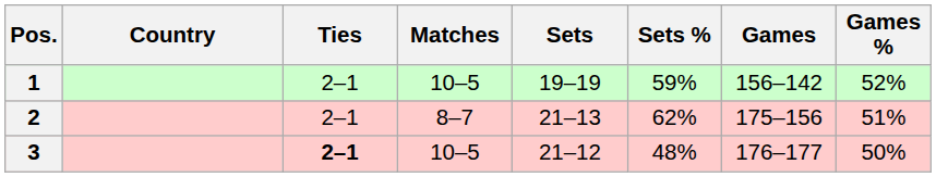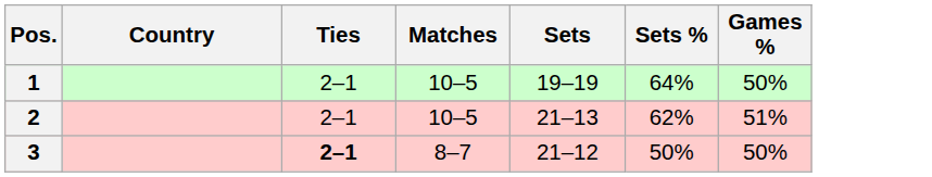 <table class="wikitable nowrap" style=text–align:center>
 <tr>
 <th>Pos.</th>
 <th width=150>Country</th>
 <th width=75>Ties</th>
 <th width=75>Matches</th>
 <th width=75>Sets</th>
 <th width=60>Sets %</th>
-<th width=75>Games</th>
 <th width=60>Games %</th>
 </tr>
 <tr style="background: #CCFFCC;">
 <th>1</th>
 <td style="text-align:left"><strong></strong></td>
 <td style="text-align:center">2–1</td>
 <td style="text-align:center">10–5</td>
 <td style="text-align:center">19–19</td>
-<td style="text-align:center">59%</td>
-<td style="text-align:center">156–142</td>
-<td style="text-align:center">52%</td>
+<td style="text-align:center">64%</td>
+<td style="text-align:center">50%</td>
 </tr>
 <tr style="background: #FFCCCC;">
 <th>2</th>
 <td style="text-align:left"><em></em></td>
 <td style="text-align:center">2–1</td>
-<td style="text-align:center">8–7</td>
+<td style="text-align:center">10–5</td>
 <td style="text-align:center">21–13</td>
 <td style="text-align:center">62%</td>
-<td style="text-align:center">175–156</td>
 <td style="text-align:center">51%</td>
 </tr>
 <tr style="background: #FFCCCC;">
 <th>3</th>
 <td style="text-align:left"><em></em></td>
 <td style="text-align:center"><strong>2–1</strong></td>
-<td style="text-align:center">10–5</td>
+<td style="text-align:center">8–7</td>
 <td style="text-align:center">21–12</td>
-<td style="text-align:center">48%</td>
-<td style="text-align:center">176–177</td>
+<td style="text-align:center">50%</td>
 <td style="text-align:center">50%</td>
 </tr>
 </table>
